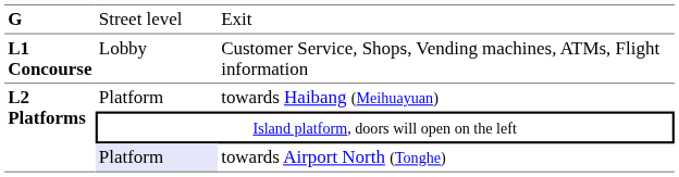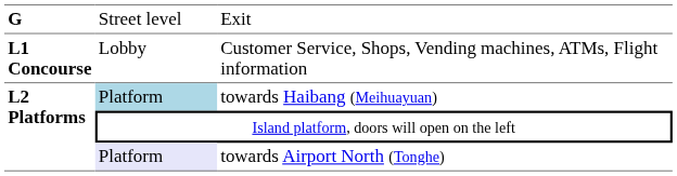 <table table border=0 cellspacing=0 cellpadding=3>
 <tr>
 <td style="border-top:solid 1px gray;" width=50 valign=top><strong>G</strong></td>
 <td style="border-top:solid 1px gray;" width=100 valign=top>Street level</td>
 <td style="border-top:solid 1px gray;" width=390 valign=top>Exit</td>
 </tr>
 <tr>
 <td style="border-bottom:solid 1px gray; border-top:solid 1px gray;" valign=top width=50><strong>L1<br>Concourse</strong></td>
 <td style="border-bottom:solid 1px gray; border-top:solid 1px gray;" valign=top width=100>Lobby</td>
 <td style="border-bottom:solid 1px gray; border-top:solid 1px gray;" valign=top width=390>Customer Service, Shops, Vending machines, ATMs, Flight information</td>
 </tr>
 <tr>
 <td style="border-bottom:solid 1px gray;" rowspan=3 valign=top><strong>L2<br>Platforms</strong></td>
-<td>Platform </td>
+<td style="background: lightblue;">Platform </td>
 <td>  towards <a href='#'>Haibang</a> <small>(<a href='#'>Meihuayuan</a>)</small></td>
 </tr>
 <tr>
 <td style="border-right:solid 2px black;border-left:solid 2px black;border-top:solid 2px black;border-bottom:solid 2px black;text-align:center;" colspan=2><small><a href='#'>Island platform</a>, doors will open on the left</small></td>
 </tr>
 <tr>
 <td style="background: lavender; border-bottom:solid 1px gray;">Platform </td>
 <td style="border-bottom:solid 1px gray;"> towards <a href='#'>Airport North</a> <small>(<a href='#'>Tonghe</a>)</small> </td>
 </tr>
 </table>
